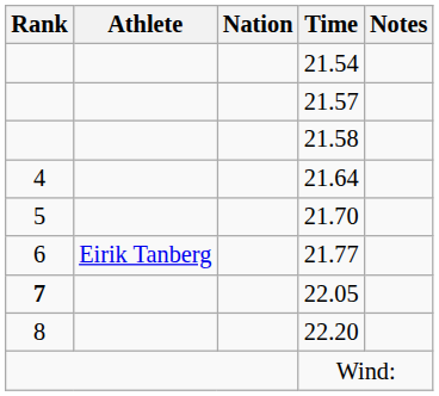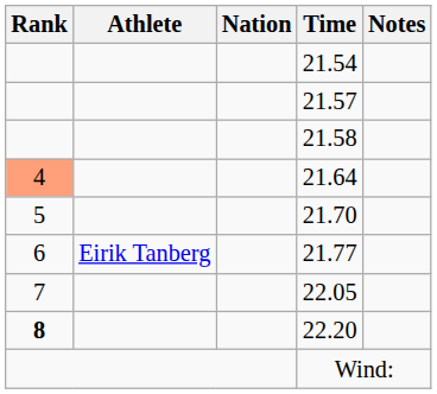 <table class="wikitable sortable" style="text-align:center;">
 <tr>
 <th scope="col" style="width: 10px;">Rank</th>
 <th scope="col">Athlete</th>
 <th scope="col">Nation</th>
 <th scope="col">Time</th>
 <th scope="col">Notes</th>
 </tr>
 <tr>
 <td></td>
 <td align=left></td>
 <td align=left></td>
 <td>21.54</td>
 <td></td>
 </tr>
 <tr>
 <td></td>
 <td align=left></td>
 <td align=left></td>
 <td>21.57</td>
 <td></td>
 </tr>
 <tr>
 <td></td>
 <td align=left></td>
 <td align=left></td>
 <td>21.58</td>
 <td></td>
 </tr>
 <tr>
-<td>4</td>
+<td style="background: lightsalmon;">4</td>
 <td align=left></td>
 <td align=left></td>
 <td>21.64</td>
 <td></td>
 </tr>
 <tr>
 <td>5</td>
 <td align=left></td>
 <td align=left></td>
 <td>21.70</td>
 <td></td>
 </tr>
 <tr>
 <td>6</td>
 <td align=left><a href='#'>Eirik Tanberg</a></td>
 <td align=left></td>
 <td>21.77</td>
 <td></td>
 </tr>
 <tr>
-<td><strong>7</strong></td>
+<td>7</td>
 <td align=left></td>
 <td align=left></td>
 <td>22.05</td>
 <td></td>
 </tr>
 <tr>
-<td>8</td>
+<td><strong>8</strong></td>
 <td align=left></td>
 <td align=left></td>
 <td>22.20</td>
 <td></td>
 </tr>
 <tr class="sortbottom">
 <td colspan="3"></td>
 <td colspan="2">Wind: </td>
 </tr>
 </table>
